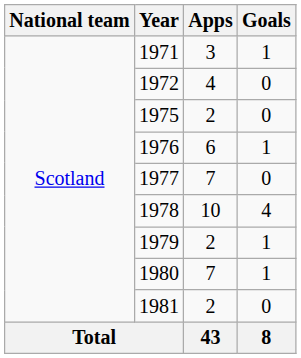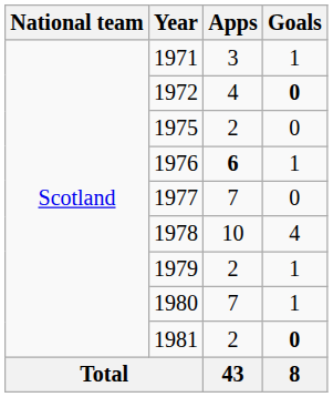 <table class=wikitable style="text-align:center">
 <tr>
 <th>National team</th>
 <th>Year</th>
 <th>Apps</th>
 <th>Goals</th>
 </tr>
 <tr>
 <td rowspan="9"><a href='#'>Scotland</a></td>
 <td>1971</td>
 <td>3</td>
 <td>1</td>
 </tr>
 <tr>
 <td>1972</td>
 <td>4</td>
-<td>0</td>
+<td><strong>0</strong></td>
 </tr>
 <tr>
 <td>1975</td>
 <td>2</td>
 <td>0</td>
 </tr>
 <tr>
 <td>1976</td>
-<td>6</td>
+<td><strong>6</strong></td>
 <td>1</td>
 </tr>
 <tr>
 <td>1977</td>
 <td>7</td>
 <td>0</td>
 </tr>
 <tr>
 <td>1978</td>
 <td>10</td>
 <td>4</td>
 </tr>
 <tr>
 <td>1979</td>
 <td>2</td>
 <td>1</td>
 </tr>
 <tr>
 <td>1980</td>
 <td>7</td>
 <td>1</td>
 </tr>
 <tr>
 <td>1981</td>
 <td>2</td>
-<td>0</td>
+<td><strong>0</strong></td>
 </tr>
 <tr>
 <th colspan="2">Total</th>
 <th>43</th>
 <th>8</th>
 </tr>
 </table>
